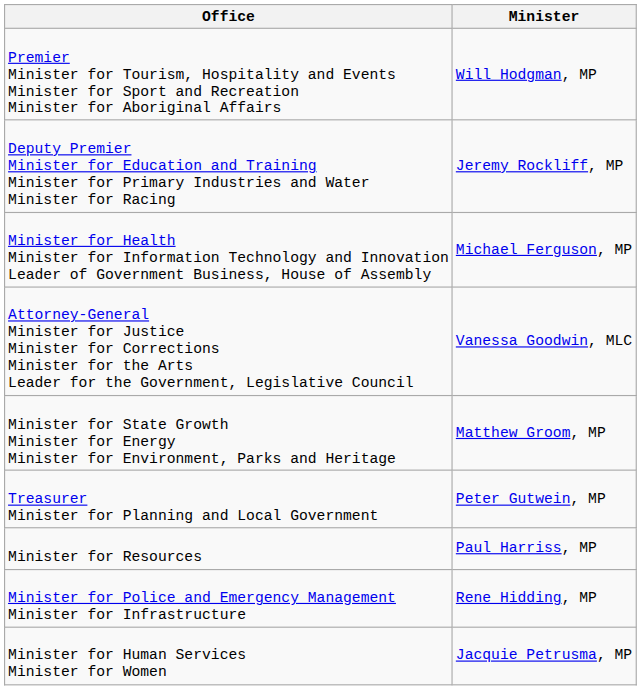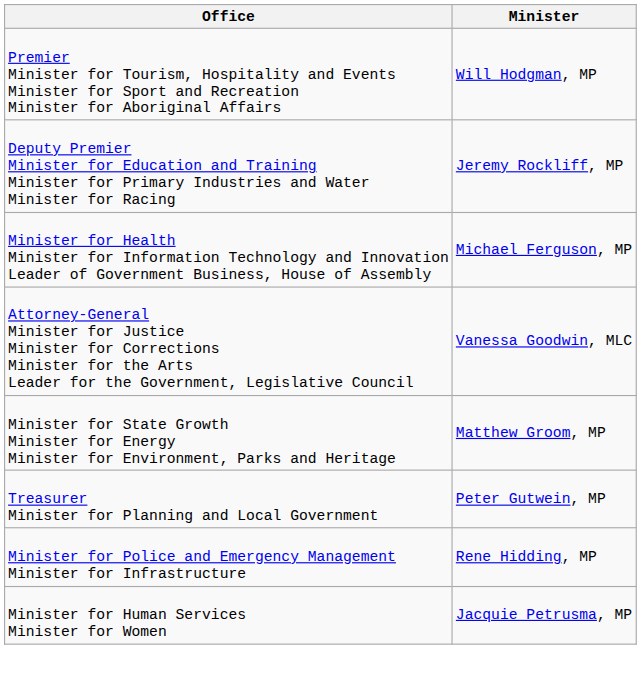 <table class="wikitable">
 <tr>
 <th>Office</th>
 <th>Minister</th>
 </tr>
 <tr>
 <td><br><a href='#'>Premier</a><br> Minister for Tourism, Hospitality and Events<br> Minister for Sport and Recreation<br> Minister for Aboriginal Affairs</td>
 <td><a href='#'>Will Hodgman</a>, MP</td>
 </tr>
 <tr>
 <td><br><a href='#'>Deputy Premier</a><br> <a href='#'>Minister for Education and Training</a><br> Minister for Primary Industries and Water<br> Minister for Racing</td>
 <td><a href='#'>Jeremy Rockliff</a>, MP</td>
 </tr>
 <tr>
 <td><br><a href='#'>Minister for Health</a><br> Minister for Information Technology and Innovation<br> Leader of Government Business, House of Assembly<br></td>
 <td><a href='#'>Michael Ferguson</a>, MP</td>
 </tr>
 <tr>
 <td><br><a href='#'>Attorney-General</a><br> Minister for Justice<br> Minister for Corrections<br> Minister for the Arts<br> Leader for the Government, Legislative Council</td>
 <td><a href='#'>Vanessa Goodwin</a>, MLC</td>
 </tr>
 <tr>
 <td><br>Minister for State Growth<br> Minister for Energy<br> Minister for Environment, Parks and Heritage</td>
 <td><a href='#'>Matthew Groom</a>, MP</td>
 </tr>
 <tr>
 <td><br><a href='#'>Treasurer</a><br> Minister for Planning and Local Government</td>
 <td><a href='#'>Peter Gutwein</a>, MP</td>
 </tr>
 <tr>
-<td><br>Minister for Resources</td>
-<td><a href='#'>Paul Harriss</a>, MP</td>
-</tr>
-<tr>
 <td><br><a href='#'>Minister for Police and Emergency Management</a><br> Minister for Infrastructure</td>
 <td><a href='#'>Rene Hidding</a>, MP</td>
 </tr>
 <tr>
 <td><br>Minister for Human Services<br> Minister for Women</td>
 <td><a href='#'>Jacquie Petrusma</a>, MP</td>
 </tr>
 </table>
